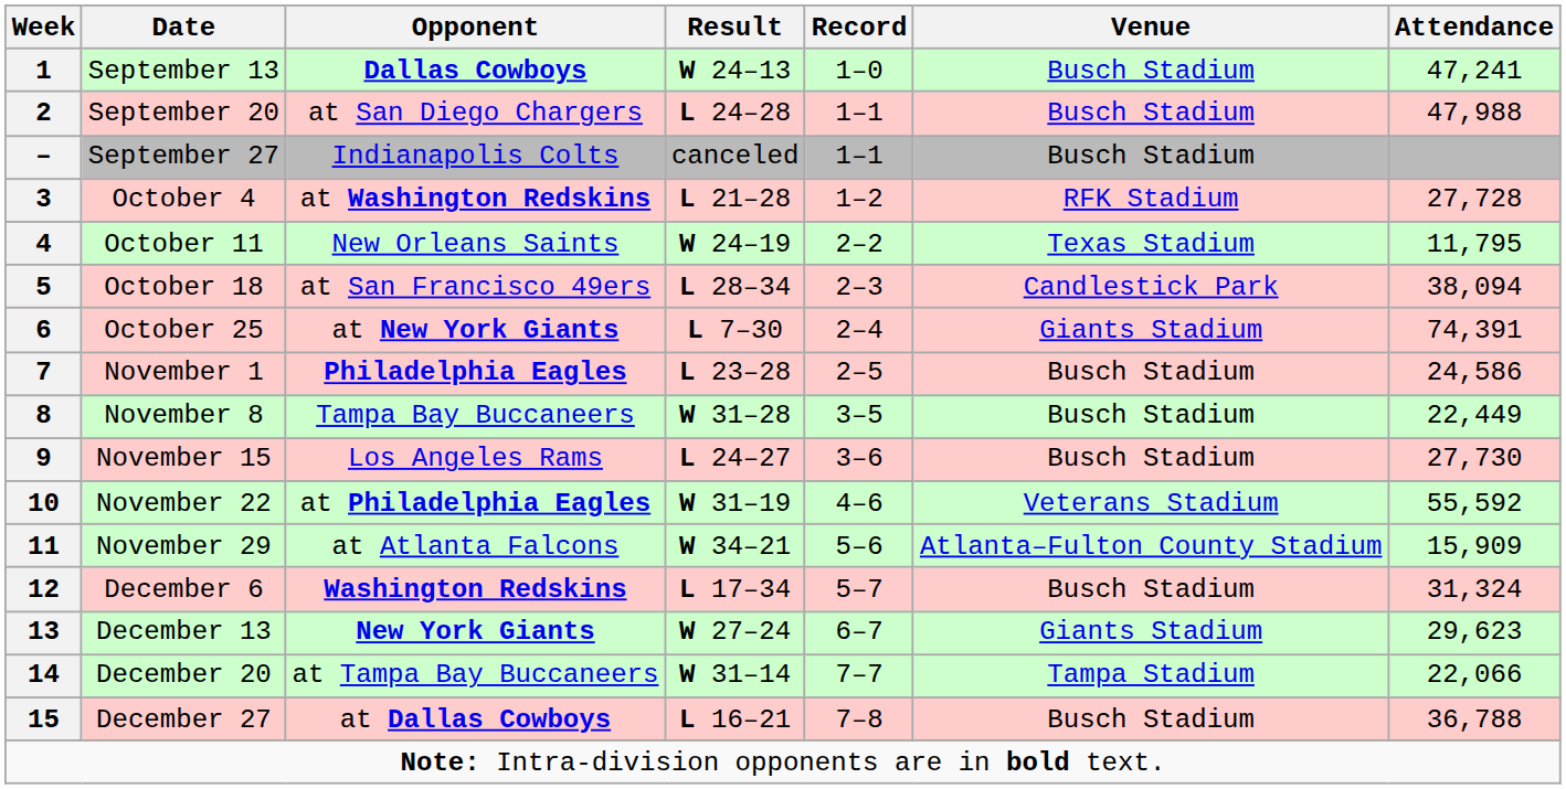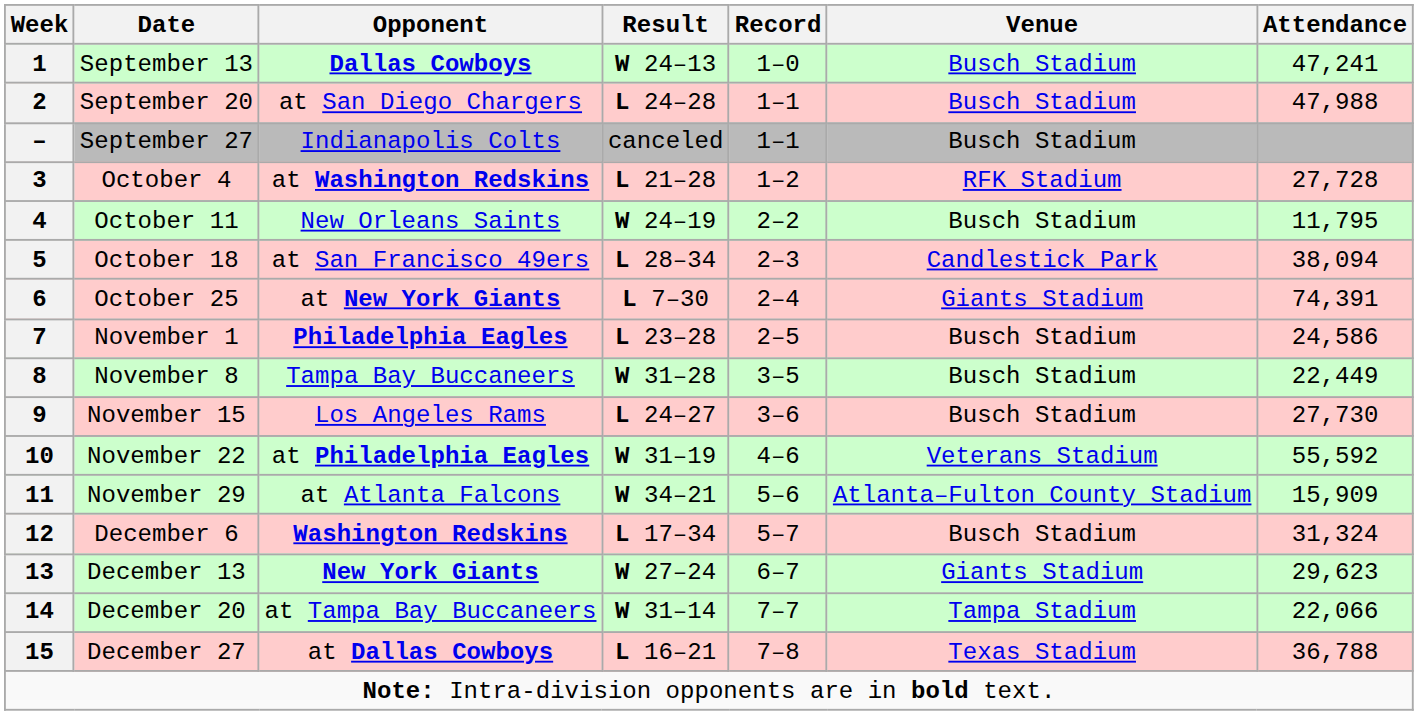 <table class="wikitable" style="text-align:center">
 <tr>
 <th>Week</th>
 <th>Date</th>
 <th>Opponent</th>
 <th>Result</th>
 <th>Record</th>
 <th>Venue</th>
 <th>Attendance</th>
 </tr>
 <tr style="background:#cfc">
 <th>1</th>
 <td>September 13</td>
 <td><strong><a href='#'>Dallas Cowboys</a></strong></td>
 <td><strong>W</strong> 24–13</td>
 <td>1–0</td>
 <td><a href='#'>Busch Stadium</a></td>
 <td>47,241</td>
 </tr>
 <tr style="background:#fcc">
 <th>2</th>
 <td>September 20</td>
 <td>at <a href='#'>San Diego Chargers</a></td>
 <td><strong>L</strong> 24–28</td>
 <td>1–1</td>
 <td><a href='#'>Busch Stadium</a></td>
 <td>47,988</td>
 </tr>
 <tr style="background:#bababa">
 <th>–</th>
 <td>September 27</td>
 <td><a href='#'>Indianapolis Colts</a></td>
 <td>canceled</td>
 <td>1–1</td>
 <td>Busch Stadium</td>
 <td></td>
 </tr>
 <tr style="background:#fcc">
 <th>3</th>
 <td>October 4</td>
 <td>at <strong><a href='#'>Washington Redskins</a></strong></td>
 <td><strong>L</strong> 21–28</td>
 <td>1–2</td>
 <td><a href='#'>RFK Stadium</a></td>
 <td>27,728</td>
 </tr>
 <tr style="background:#cfc">
 <th>4</th>
 <td>October 11</td>
 <td><a href='#'>New Orleans Saints</a></td>
 <td><strong>W</strong> 24–19</td>
 <td>2–2</td>
-<td><a href='#'>Texas Stadium</a></td>
+<td>Busch Stadium</td>
 <td>11,795</td>
 </tr>
 <tr style="background:#fcc">
 <th>5</th>
 <td>October 18</td>
 <td>at <a href='#'>San Francisco 49ers</a></td>
 <td><strong>L</strong> 28–34</td>
 <td>2–3</td>
 <td><a href='#'>Candlestick Park</a></td>
 <td>38,094</td>
 </tr>
 <tr style="background:#fcc">
 <th>6</th>
 <td>October 25</td>
 <td>at <strong><a href='#'>New York Giants</a></strong></td>
 <td><strong>L</strong> 7–30</td>
 <td>2–4</td>
 <td><a href='#'>Giants Stadium</a></td>
 <td>74,391</td>
 </tr>
 <tr style="background:#fcc">
 <th>7</th>
 <td>November 1</td>
 <td><strong><a href='#'>Philadelphia Eagles</a></strong></td>
 <td><strong>L</strong> 23–28</td>
 <td>2–5</td>
 <td>Busch Stadium</td>
 <td>24,586</td>
 </tr>
 <tr style="background:#cfc">
 <th>8</th>
 <td>November 8</td>
 <td><a href='#'>Tampa Bay Buccaneers</a></td>
 <td><strong>W</strong> 31–28</td>
 <td>3–5</td>
 <td>Busch Stadium</td>
 <td>22,449</td>
 </tr>
 <tr style="background:#fcc">
 <th>9</th>
 <td>November 15</td>
 <td><a href='#'>Los Angeles Rams</a></td>
 <td><strong>L</strong> 24–27</td>
 <td>3–6</td>
 <td>Busch Stadium</td>
 <td>27,730</td>
 </tr>
 <tr style="background:#cfc">
 <th>10</th>
 <td>November 22</td>
 <td>at <strong><a href='#'>Philadelphia Eagles</a></strong></td>
 <td><strong>W</strong> 31–19</td>
 <td>4–6</td>
 <td><a href='#'>Veterans Stadium</a></td>
 <td>55,592</td>
 </tr>
 <tr style="background:#cfc">
 <th>11</th>
 <td>November 29</td>
 <td>at <a href='#'>Atlanta Falcons</a></td>
 <td><strong>W</strong> 34–21</td>
 <td>5–6</td>
 <td><a href='#'>Atlanta–Fulton County Stadium</a></td>
 <td>15,909</td>
 </tr>
 <tr style="background:#fcc">
 <th>12</th>
 <td>December 6</td>
 <td><strong><a href='#'>Washington Redskins</a></strong></td>
 <td><strong>L</strong> 17–34</td>
 <td>5–7</td>
 <td>Busch Stadium</td>
 <td>31,324</td>
 </tr>
 <tr style="background:#cfc">
 <th>13</th>
 <td>December 13</td>
 <td><strong><a href='#'>New York Giants</a></strong></td>
 <td><strong>W</strong> 27–24</td>
 <td>6–7</td>
 <td><a href='#'>Giants Stadium</a></td>
 <td>29,623</td>
 </tr>
 <tr style="background:#cfc">
 <th>14</th>
 <td>December 20</td>
 <td>at <a href='#'>Tampa Bay Buccaneers</a></td>
 <td><strong>W</strong> 31–14</td>
 <td>7–7</td>
 <td><a href='#'>Tampa Stadium</a></td>
 <td>22,066</td>
 </tr>
 <tr style="background:#fcc">
 <th>15</th>
 <td>December 27</td>
 <td>at <strong><a href='#'>Dallas Cowboys</a></strong></td>
 <td><strong>L</strong> 16–21</td>
 <td>7–8</td>
-<td>Busch Stadium</td>
+<td><a href='#'>Texas Stadium</a></td>
 <td>36,788</td>
 </tr>
 <tr>
 <td colspan="8"><strong>Note:</strong> Intra-division opponents are in <strong>bold</strong> text.</td>
 </tr>
 </table>
